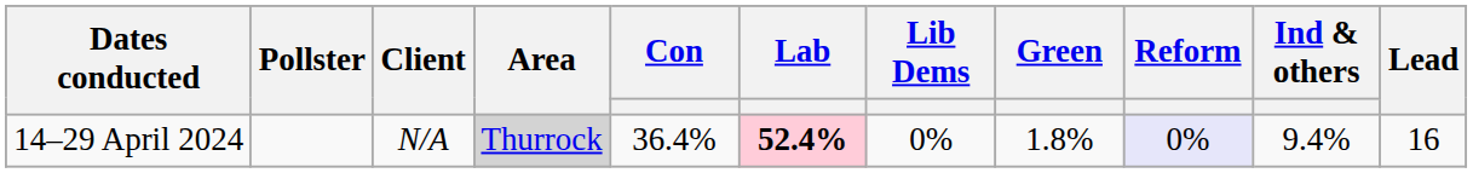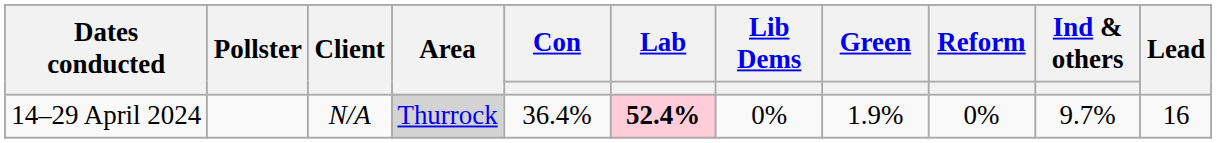 <table class="wikitable" style="font-size:90%;text-align:center">
 <tr>
 <th rowspan="2">Dates<br>conducted</th>
 <th rowspan="2">Pollster</th>
 <th rowspan="2">Client</th>
 <th rowspan="2">Area</th>
 <th class="unsortable" style="width:50px;"><a href='#'>Con</a></th>
 <th class="unsortable" style="width:50px;"><a href='#'>Lab</a></th>
 <th class="unsortable" style="width:50px;"><a href='#'>Lib Dems</a></th>
 <th class="unsortable" style="width:50px;"><a href='#'>Green</a></th>
 <th class="unsortable" style="width:50px;"><a href='#'>Reform</a></th>
 <th class="unsortable" style="width:50px;"><a href='#'>Ind</a> & others</th>
 <th rowspan="2" data-sort-type="number">Lead</th>
 </tr>
 <tr>
 <th data-sort-type="number" style="background:"></th>
 <th data-sort-type="number" style="background:"></th>
 <th data-sort-type="number" style="background:"></th>
 <th data-sort-type="number" style="background:"></th>
 <th data-sort-type="number" style="background:"></th>
 <th data-sort-type="number" style="background:"></th>
 </tr>
 <tr>
 <td>14–29 April 2024</td>
 <td></td>
 <td><em>N/A</em></td>
 <td style="background: lightgrey;"><a href='#'>Thurrock</a></td>
 <td>36.4%</td>
 <td style="background:#FFCCD9;color:black"><strong>52.4%</strong></td>
 <td>0%</td>
-<td>1.8%</td>
-<td style="background: lavender;">0%</td>
-<td>9.4%</td>
+<td>1.9%</td>
+<td>0%</td>
+<td>9.7%</td>
 <td style="background:">16</td>
 </tr>
 </table>
